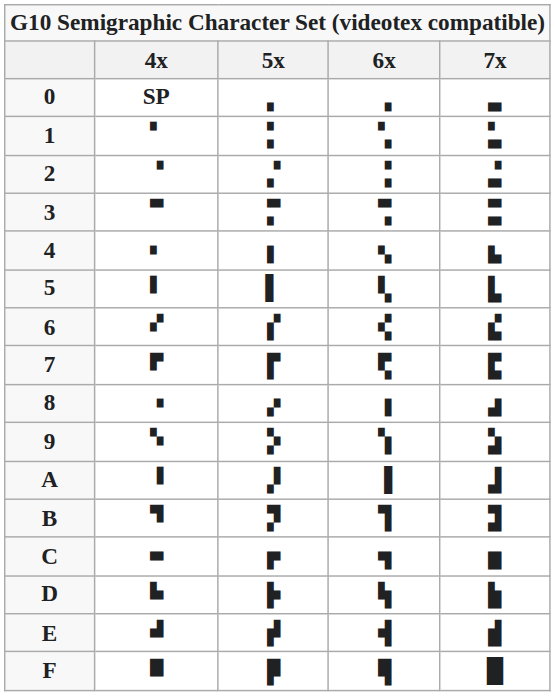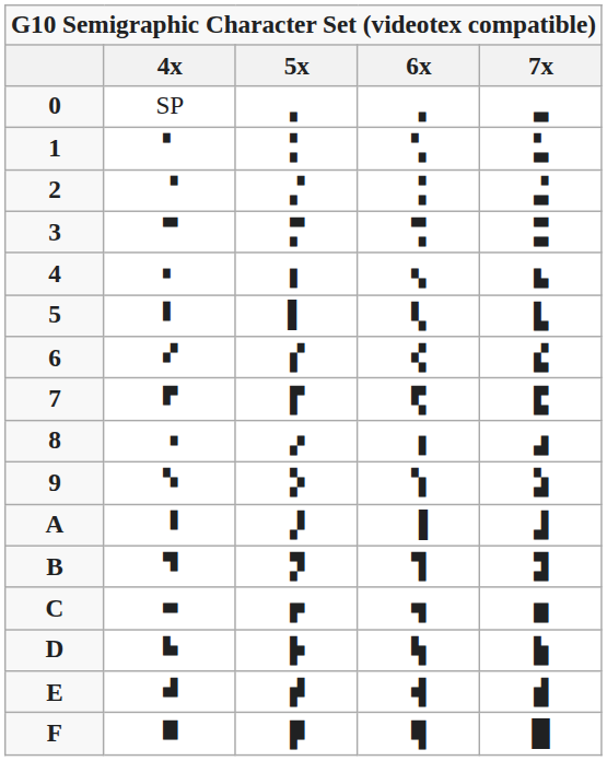 <table class="wikitable" style="text-align:center;">
 <tr style="text-align:left;">
 <th colspan="5" style="text-align:center; font-weight:bold; background-color:#F8F8F8; color:#202122;">G10 Semigraphic Character Set (videotex compatible)</th>
 </tr>
 <tr style="vertical-align:middle; background-color:#F8F8F8; color:#202122;">
 <th></th>
 <th>4x</th>
 <th>5x</th>
 <th>6x</th>
 <th>7x</th>
 </tr>
 <tr style="background-color:#FFF; color:#202122;">
 <th style="vertical-align:middle; background-color:#F8F8F8;">0</th>
-<td><strong>SP</strong></td>
+<td>SP</td>
 <td>🬏</td>
 <td>🬞</td>
 <td>🬭</td>
 </tr>
 <tr style="background-color:#FFF; color:#202122;">
 <th style="vertical-align:middle; background-color:#F8F8F8;">1</th>
 <td>🬀</td>
 <td>🬐</td>
 <td>🬟</td>
 <td>🬮</td>
 </tr>
 <tr style="background-color:#FFF; color:#202122;">
 <th style="vertical-align:middle; background-color:#F8F8F8;">2</th>
 <td>🬁</td>
 <td>🬑</td>
 <td>🬠</td>
 <td>🬯</td>
 </tr>
 <tr style="background-color:#FFF; color:#202122;">
 <th style="vertical-align:middle; background-color:#F8F8F8;">3</th>
 <td>🬂</td>
 <td>🬒</td>
 <td>🬡</td>
 <td>🬰</td>
 </tr>
 <tr style="background-color:#FFF; color:#202122;">
 <th style="vertical-align:middle; background-color:#F8F8F8;">4</th>
 <td>🬃</td>
 <td>🬓</td>
 <td>🬢</td>
 <td>🬱</td>
 </tr>
 <tr style="background-color:#FFF; color:#202122;">
 <th style="vertical-align:middle; background-color:#F8F8F8;">5</th>
 <td>🬄</td>
 <td>▌</td>
 <td>🬣</td>
 <td>🬲</td>
 </tr>
 <tr style="background-color:#FFF; color:#202122;">
 <th style="vertical-align:middle; background-color:#F8F8F8;">6</th>
 <td>🬅</td>
 <td>🬔</td>
 <td>🬤</td>
 <td>🬳</td>
 </tr>
 <tr style="background-color:#FFF; color:#202122;">
 <th style="vertical-align:middle; background-color:#F8F8F8;">7</th>
 <td>🬆</td>
 <td>🬕</td>
 <td>🬥</td>
 <td>🬴</td>
 </tr>
 <tr style="background-color:#FFF; color:#202122;">
 <th style="vertical-align:middle; background-color:#F8F8F8;">8</th>
 <td>🬇</td>
 <td>🬖</td>
 <td>🬦</td>
 <td>🬵</td>
 </tr>
 <tr style="background-color:#FFF; color:#202122;">
 <th style="vertical-align:middle; background-color:#F8F8F8;">9</th>
 <td>🬈</td>
 <td>🬗</td>
 <td>🬧</td>
 <td>🬶</td>
 </tr>
 <tr style="background-color:#FFF; color:#202122;">
 <th style="vertical-align:middle; background-color:#F8F8F8;">A</th>
 <td>🬉</td>
 <td>🬘</td>
 <td>▐</td>
 <td>🬷</td>
 </tr>
 <tr style="background-color:#FFF; color:#202122;">
 <th style="vertical-align:middle; background-color:#F8F8F8;">B</th>
 <td>🬊</td>
 <td>🬙</td>
 <td>🬨</td>
 <td>🬸</td>
 </tr>
 <tr style="background-color:#FFF; color:#202122;">
 <th style="vertical-align:middle; background-color:#F8F8F8;">C</th>
 <td>🬋</td>
 <td>🬚</td>
 <td>🬩</td>
 <td>🬹</td>
 </tr>
 <tr style="background-color:#FFF; color:#202122;">
 <th style="vertical-align:middle; background-color:#F8F8F8;">D</th>
 <td>🬌</td>
 <td>🬛</td>
 <td>🬪</td>
 <td>🬺</td>
 </tr>
 <tr style="background-color:#FFF; color:#202122;">
 <th style="vertical-align:middle; background-color:#F8F8F8;">E</th>
 <td>🬍</td>
 <td>🬜</td>
 <td>🬫</td>
 <td>🬻</td>
 </tr>
 <tr style="background-color:#FFF; color:#202122;">
 <th style="vertical-align:middle; background-color:#F8F8F8;">F</th>
 <td>🬎</td>
 <td>🬝</td>
 <td>🬬</td>
 <td>█</td>
 </tr>
 </table>
